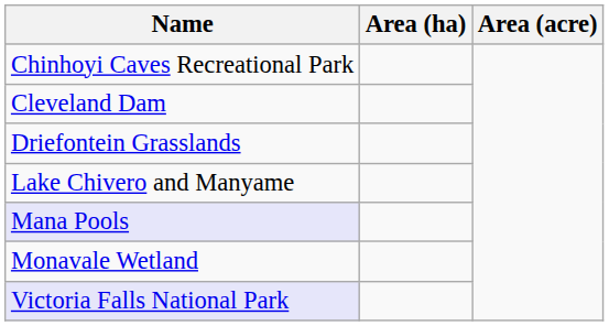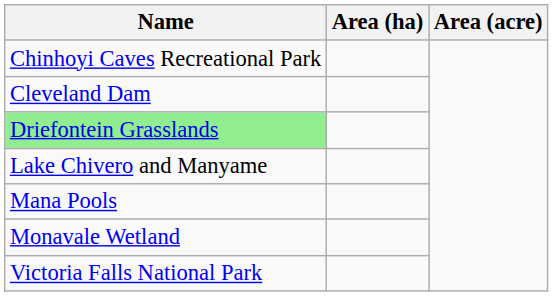 <table class="wikitable sortable">
 <tr>
 <th scope="col" align=left>Name</th>
 <th scope="col">Area (ha)</th>
 <th scope="col">Area (acre)</th>
 </tr>
 <tr ---->
 <td><a href='#'>Chinhoyi Caves</a> Recreational Park</td>
 <td></td>
 </tr>
 <tr ---->
 <td><a href='#'>Cleveland Dam</a></td>
 <td></td>
 </tr>
 <tr ---->
-<td><a href='#'>Driefontein Grasslands</a></td>
+<td style="background: lightgreen;"><a href='#'>Driefontein Grasslands</a></td>
 <td></td>
 </tr>
 <tr ---->
 <td><a href='#'>Lake Chivero</a> and Manyame</td>
 <td></td>
 </tr>
 <tr ---->
-<td style="background: lavender;"><a href='#'>Mana Pools</a></td>
+<td><a href='#'>Mana Pools</a></td>
 <td></td>
 </tr>
 <tr ---->
 <td><a href='#'>Monavale Wetland</a></td>
 <td></td>
 </tr>
 <tr ---->
-<td style="background: lavender;"><a href='#'>Victoria Falls National Park</a></td>
+<td><a href='#'>Victoria Falls National Park</a></td>
 <td></td>
 </tr>
 </table>
